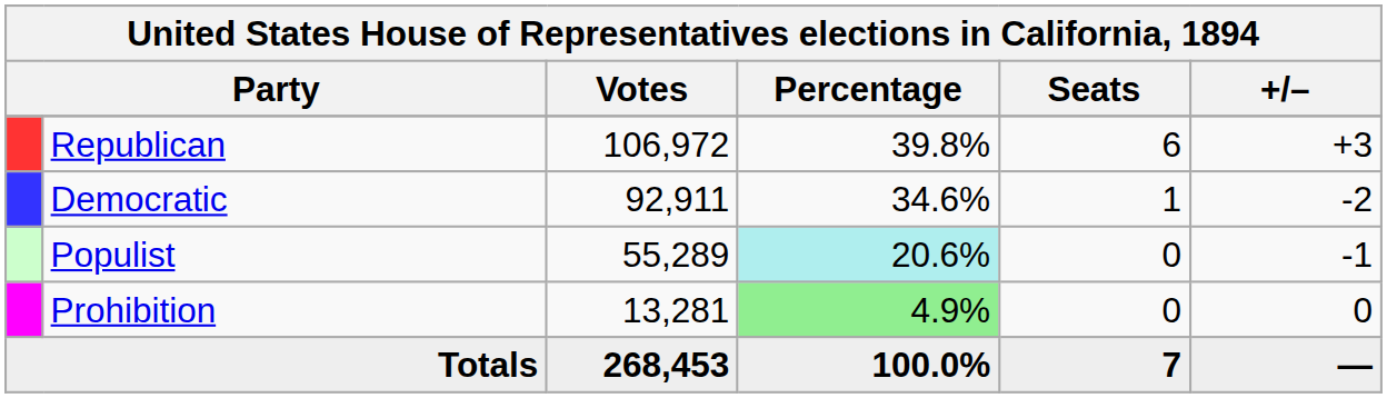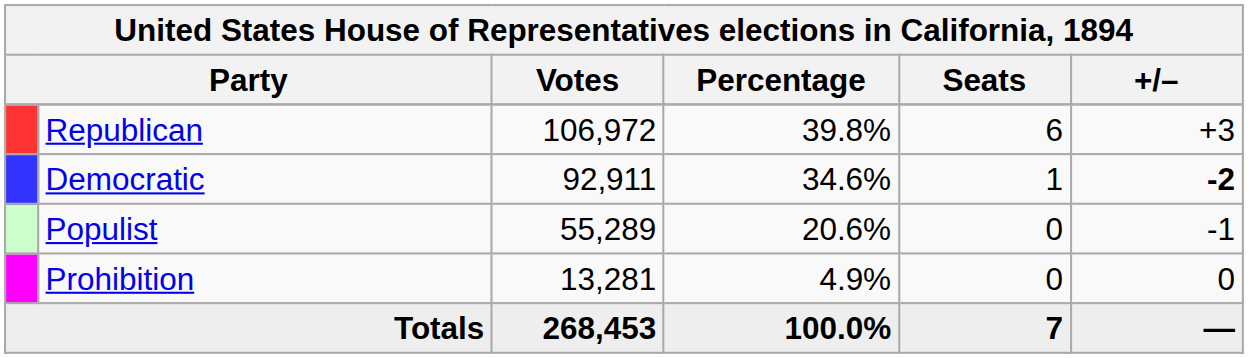 <table class="wikitable" style="font-size: 95%;">
 <tr>
 <th colspan="6">United States House of Representatives elections in California, 1894</th>
 </tr>
 <tr>
 <th colspan=2 style="width: 15em">Party</th>
 <th style="width: 5em">Votes</th>
 <th style="width: 7em">Percentage</th>
 <th style="width: 5em">Seats</th>
 <th style="width: 5em">+/–</th>
 </tr>
 <tr>
 </tr>
 <tr>
 <th style="background-color:#FF3333; width: 3px"></th>
 <td style="width: 130px"><a href='#'>Republican</a></td>
 <td style="text-align:right;">106,972</td>
 <td style="text-align:right;">39.8%</td>
 <td style="text-align:right;">6</td>
 <td style="text-align:right;">+3</td>
 </tr>
 <tr>
 <th style="background-color:#3333FF; width: 3px"></th>
 <td style="width: 130px"><a href='#'>Democratic</a></td>
 <td style="text-align:right;">92,911</td>
 <td style="text-align:right;">34.6%</td>
 <td style="text-align:right;">1</td>
-<td style="text-align:right;">-2</td>
+<td style="text-align:right;"><strong>-2</strong></td>
 </tr>
 <tr>
 <th style="background-color:#CCFFCC; width: 3px"></th>
 <td style="width: 130px"><a href='#'>Populist</a></td>
 <td style="text-align:right;">55,289</td>
-<td style="background: paleturquoise; text-align:right;">20.6%</td>
+<td style="text-align:right;">20.6%</td>
 <td style="text-align:right;">0</td>
 <td style="text-align:right;">-1</td>
 </tr>
 <tr>
 <th style="background-color:#FF00FF; width: 3px"></th>
 <td style="width: 130px"><a href='#'>Prohibition</a></td>
 <td style="text-align:right;">13,281</td>
-<td style="background: lightgreen; text-align:right;">4.9%</td>
+<td style="text-align:right;">4.9%</td>
 <td style="text-align:right;">0</td>
 <td style="text-align:right;">0</td>
 </tr>
 <tr style="background-color:#EEEEEE;">
 <td colspan="2" align="right"><strong>Totals</strong></td>
 <td style="text-align:right;"><strong>268,453</strong></td>
 <td style="text-align:right;"><strong>100.0%</strong></td>
 <td style="text-align:right;"><strong>7</strong></td>
 <td style="text-align:right;"><strong>—</strong></td>
 </tr>
 </table>
